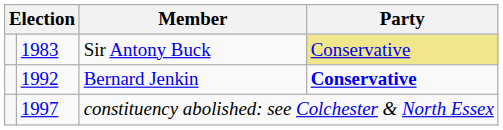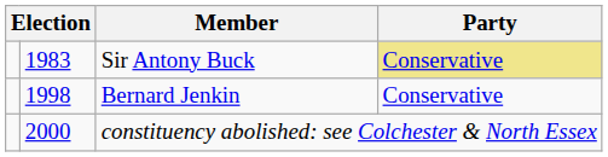 <table class="wikitable">
 <tr>
 <th colspan="2">Election</th>
 <th>Member</th>
 <th>Party</th>
 </tr>
 <tr>
 <td style="color:inherit;background:"></td>
 <td><a href='#'>1983</a></td>
 <td>Sir <a href='#'>Antony Buck</a></td>
 <td style="background: khaki;"><a href='#'>Conservative</a></td>
 </tr>
 <tr>
 <td style="color:inherit;background:"></td>
-<td><a href='#'>1992</a></td>
+<td><a href='#'>1998</a></td>
 <td><a href='#'>Bernard Jenkin</a></td>
-<td><strong><a href='#'>Conservative</a></strong></td>
+<td><a href='#'>Conservative</a></td>
 </tr>
 <tr>
 <td></td>
-<td><a href='#'>1997</a></td>
+<td><a href='#'>2000</a></td>
 <td colspan="2"><em>constituency abolished: see <a href='#'>Colchester</a> & <a href='#'>North Essex</a></em></td>
 </tr>
 </table>
